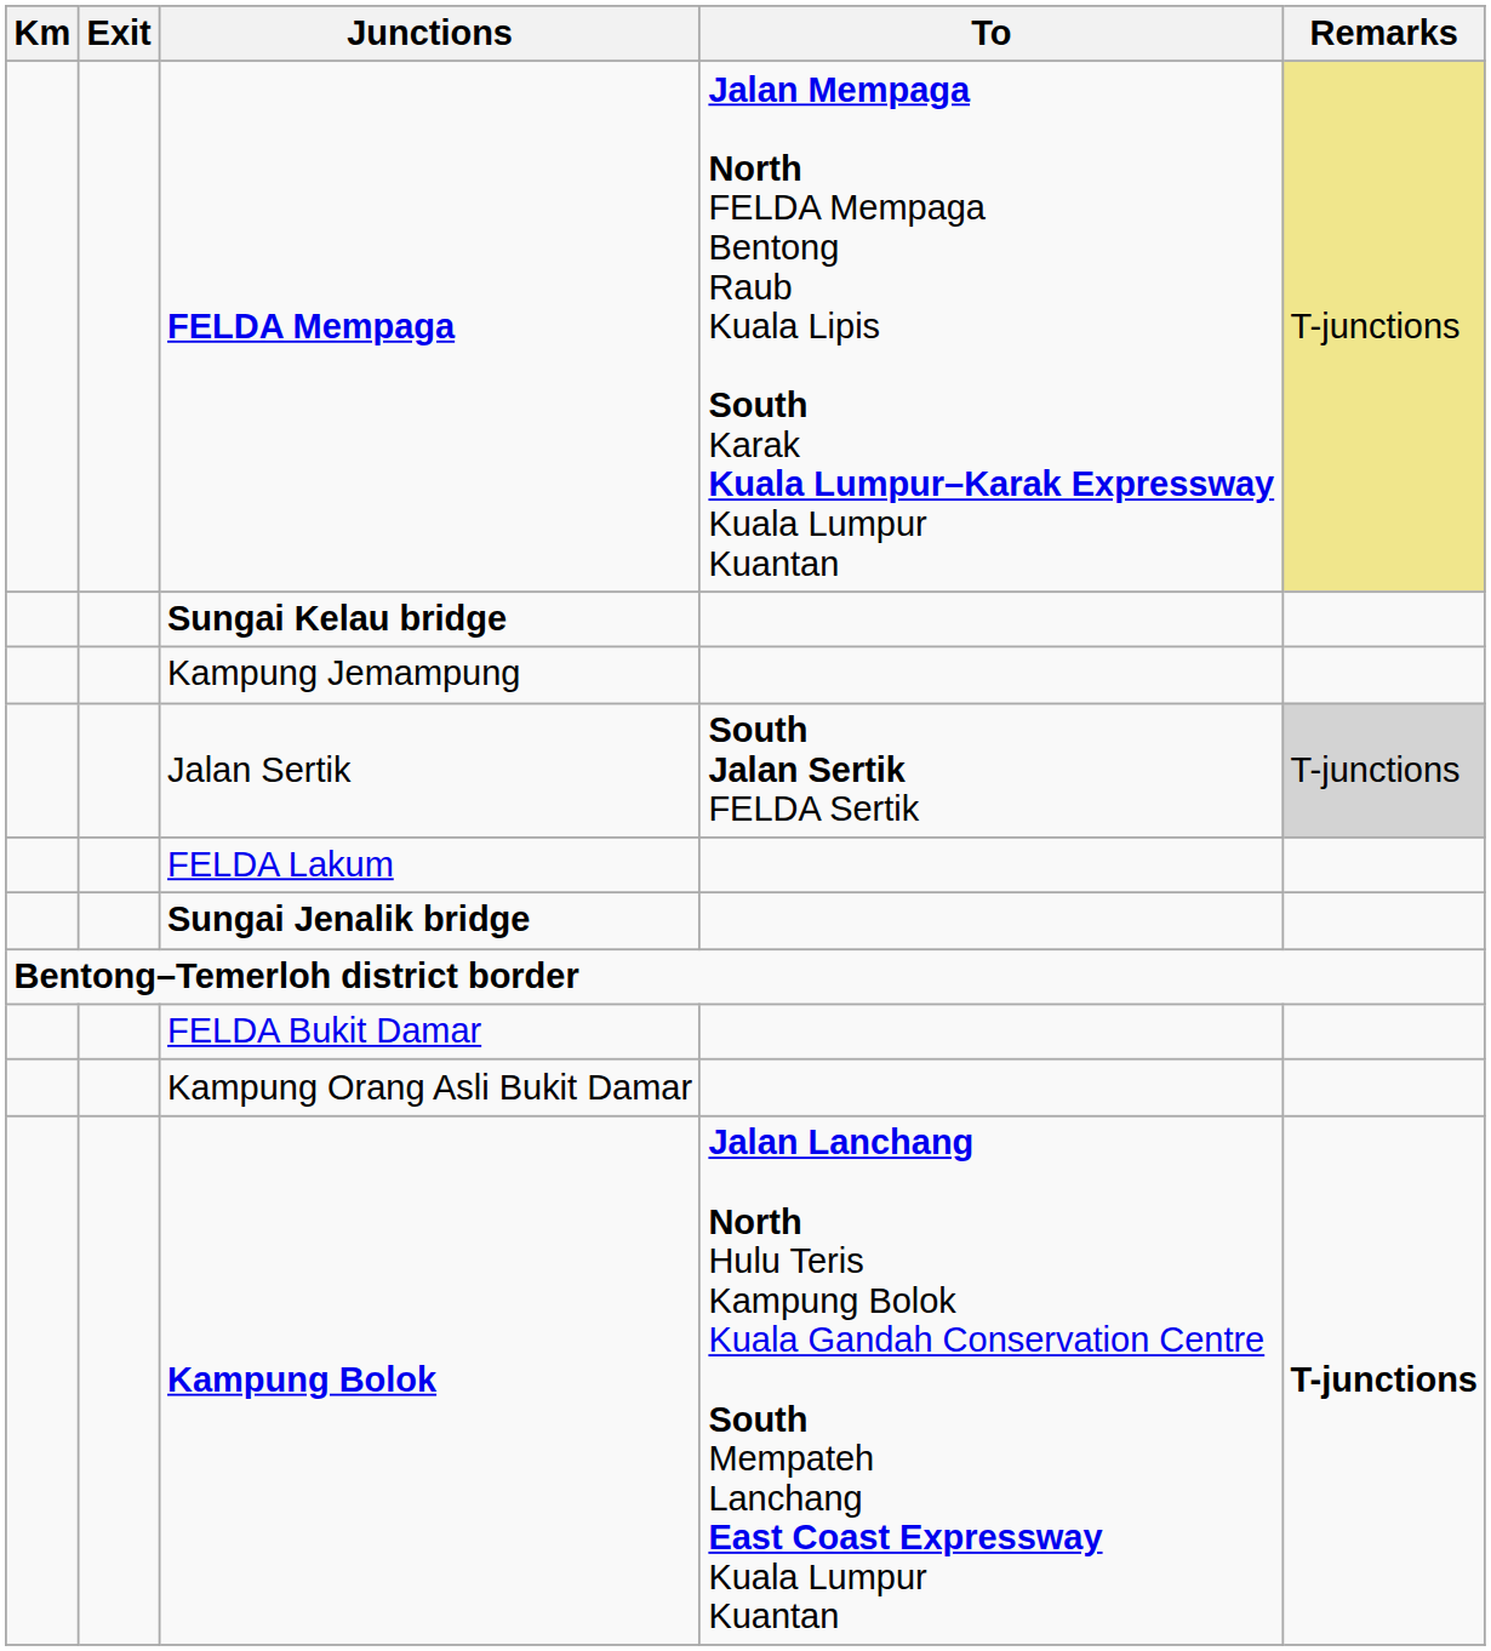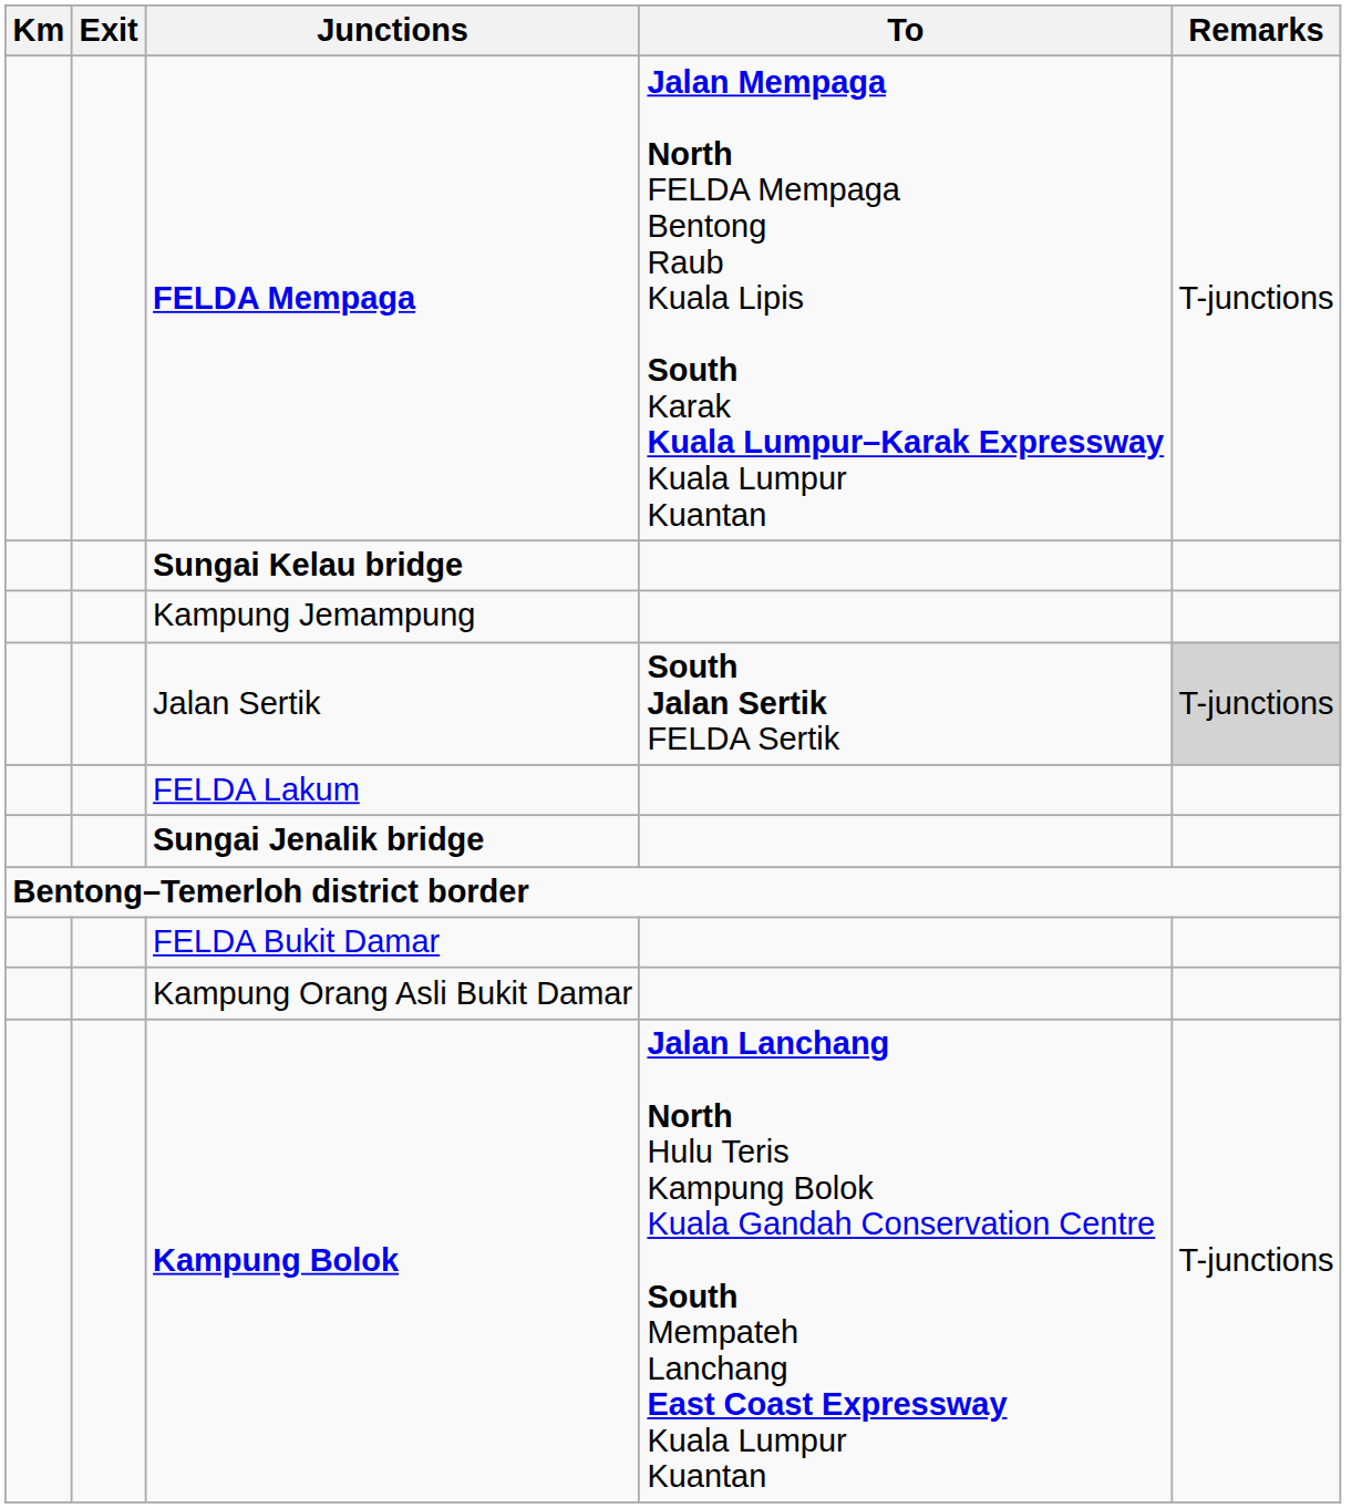 <table class="wikitable">
 <tr>
 <th>Km</th>
 <th>Exit</th>
 <th>Junctions</th>
 <th>To</th>
 <th>Remarks</th>
 </tr>
 <tr>
 <td></td>
 <td></td>
 <td><strong><a href='#'>FELDA Mempaga</a></strong></td>
 <td> <strong><a href='#'>Jalan Mempaga</a></strong><br><br><strong>North</strong><br>FELDA Mempaga<br>Bentong<br>Raub<br>Kuala Lipis<br><br><strong>South</strong><br>Karak<br>   <strong><a href='#'>Kuala Lumpur–Karak Expressway</a></strong><br>Kuala Lumpur<br>Kuantan</td>
-<td style="background: khaki;">T-junctions</td>
+<td>T-junctions</td>
 </tr>
 <tr>
 <td></td>
 <td></td>
 <td><strong>Sungai Kelau bridge</strong></td>
 <td></td>
 <td></td>
 </tr>
 <tr>
 <td></td>
 <td></td>
 <td>Kampung Jemampung</td>
 <td></td>
 <td></td>
 </tr>
 <tr>
 <td></td>
 <td></td>
 <td>Jalan Sertik</td>
 <td><strong>South</strong><br><strong>Jalan Sertik</strong><br>FELDA Sertik</td>
 <td style="background: lightgrey;">T-junctions</td>
 </tr>
 <tr>
 <td></td>
 <td></td>
 <td><a href='#'>FELDA Lakum</a></td>
 <td></td>
 <td></td>
 </tr>
 <tr>
 <td></td>
 <td></td>
 <td><strong>Sungai Jenalik bridge</strong></td>
 <td></td>
 <td></td>
 </tr>
 <tr>
 <td style="width:600px" colspan="6" style="text-align:center; background:blue;"><strong><span>Bentong–Temerloh district border</span></strong></td>
 </tr>
 <tr>
 <td></td>
 <td></td>
 <td><a href='#'>FELDA Bukit Damar</a></td>
 <td></td>
 <td></td>
 </tr>
 <tr>
 <td></td>
 <td></td>
 <td>Kampung Orang Asli Bukit Damar</td>
 <td></td>
 <td></td>
 </tr>
 <tr>
 <td></td>
 <td></td>
 <td><strong><a href='#'>Kampung Bolok</a></strong></td>
 <td> <strong><a href='#'>Jalan Lanchang</a></strong><br><br><strong>North</strong><br>Hulu Teris<br>Kampung Bolok<br><a href='#'>Kuala Gandah Conservation Centre</a><br><br><strong>South</strong><br>Mempateh<br>Lanchang<br>  <strong><a href='#'>East Coast Expressway</a></strong><br>Kuala Lumpur<br>Kuantan</td>
-<td><strong>T-junctions</strong></td>
+<td>T-junctions</td>
 </tr>
 </table>
